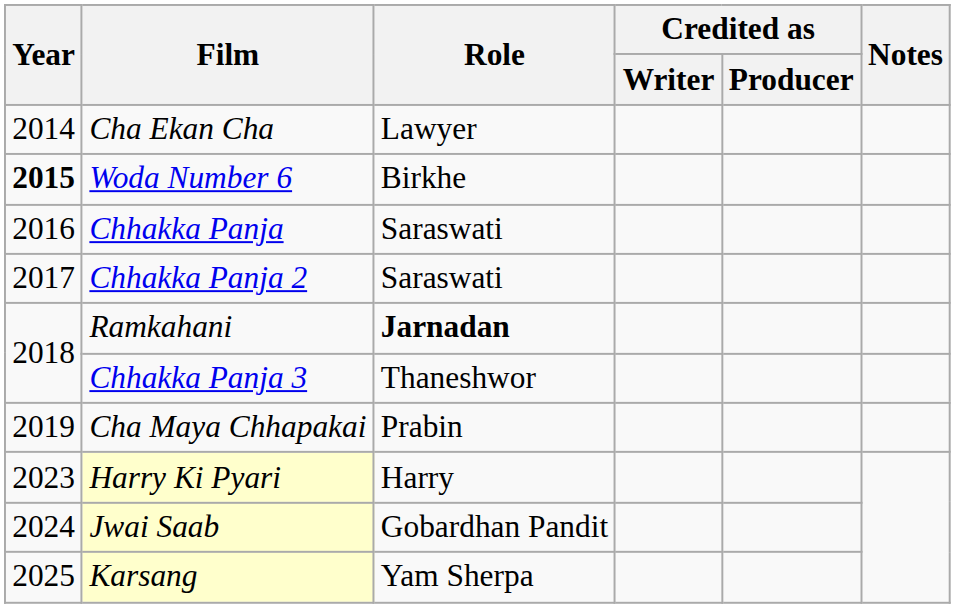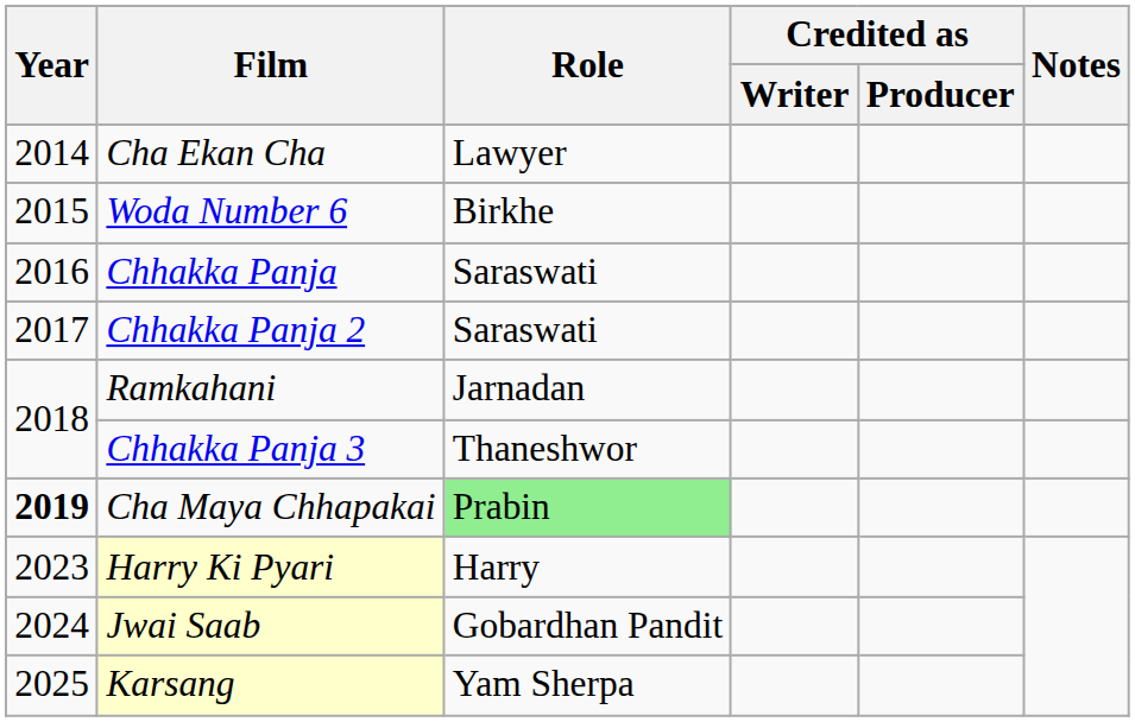 <table class="wikitable">
 <tr>
 <th rowspan="2" scope="col">Year</th>
 <th rowspan="2" scope="col">Film</th>
 <th rowspan="2" scope="col">Role</th>
 <th colspan="2">Credited as</th>
 <th rowspan="2" scope="col">Notes</th>
 </tr>
 <tr>
 <th>Writer</th>
 <th>Producer</th>
 </tr>
 <tr>
 <td>2014</td>
 <td><em>Cha Ekan Cha</em></td>
 <td>Lawyer</td>
 <td></td>
 <td></td>
 <td></td>
 </tr>
 <tr>
-<td><strong>2015</strong></td>
+<td>2015</td>
 <td><em><a href='#'>Woda Number 6</a></em></td>
 <td>Birkhe</td>
 <td></td>
 <td></td>
 <td></td>
 </tr>
 <tr>
 <td>2016</td>
 <td><em><a href='#'>Chhakka Panja</a></em></td>
 <td>Saraswati</td>
 <td></td>
 <td></td>
 <td></td>
 </tr>
 <tr>
 <td>2017</td>
 <td><em><a href='#'>Chhakka Panja 2</a></em></td>
 <td>Saraswati</td>
 <td></td>
 <td></td>
 <td></td>
 </tr>
 <tr>
 <td rowspan="2">2018</td>
 <td><em>Ramkahani</em></td>
-<td><strong>Jarnadan</strong></td>
+<td>Jarnadan</td>
 <td></td>
 <td></td>
 <td></td>
 </tr>
 <tr>
 <td><em><a href='#'>Chhakka Panja 3</a></em></td>
 <td>Thaneshwor</td>
 <td></td>
 <td></td>
 </tr>
 <tr>
-<td>2019</td>
+<td><strong>2019</strong></td>
 <td><em>Cha Maya Chhapakai</em></td>
-<td>Prabin</td>
+<td style="background: lightgreen;">Prabin</td>
 <td></td>
 <td></td>
 <td></td>
 </tr>
 <tr>
 <td>2023</td>
 <td style="text-align:left; background:#ffc;"><em>Harry Ki Pyari</em> </td>
 <td>Harry</td>
 <td></td>
 <td></td>
 </tr>
 <tr>
 <td>2024</td>
 <td style="text-align:left; background:#ffc;"><em>Jwai Saab</em> </td>
 <td>Gobardhan Pandit</td>
 <td></td>
 <td></td>
 </tr>
 <tr>
 <td>2025</td>
 <td style="text-align:left; background:#ffc;"><em>Karsang</em> </td>
 <td>Yam Sherpa</td>
 <td></td>
 <td></td>
 </tr>
 </table>
